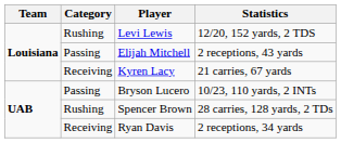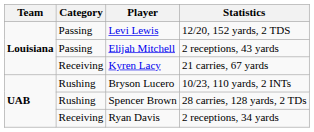 <table class="wikitable" style="float: left;">
 <tr>
 <th>Team</th>
 <th>Category</th>
 <th>Player</th>
 <th>Statistics</th>
 </tr>
 <tr>
 <td rowspan=3><strong>Louisiana</strong></td>
-<td>Rushing</td>
+<td>Passing</td>
 <td><a href='#'>Levi Lewis</a></td>
 <td>12/20, 152 yards, 2 TDS</td>
 </tr>
 <tr>
 <td>Passing</td>
 <td><a href='#'>Elijah Mitchell</a></td>
 <td>2 receptions, 43 yards</td>
 </tr>
 <tr>
 <td>Receiving</td>
 <td><a href='#'>Kyren Lacy</a></td>
 <td>21 carries, 67 yards</td>
 </tr>
 <tr>
 <td rowspan=3><strong>UAB</strong></td>
-<td>Passing</td>
+<td>Rushing</td>
 <td>Bryson Lucero</td>
 <td>10/23, 110 yards, 2 INTs</td>
 </tr>
 <tr>
 <td>Rushing</td>
 <td>Spencer Brown</td>
 <td>28 carries, 128 yards, 2 TDs</td>
 </tr>
 <tr>
 <td>Receiving</td>
 <td>Ryan Davis</td>
 <td>2 receptions, 34 yards</td>
 </tr>
 </table>
